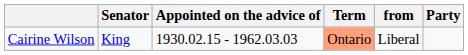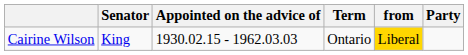 <table class="sortable wikitable">
 <tr>
 <th></th>
 <th>Senator</th>
 <th>Appointed on the advice of</th>
 <th>Term</th>
 <th>from</th>
 <th>Party</th>
 </tr>
 <tr>
 <td><a href='#'>Cairine Wilson</a></td>
 <td><a href='#'>King</a></td>
 <td>1930.02.15 - 1962.03.03</td>
-<td style="background: lightsalmon;">Ontario</td>
-<td>Liberal</td>
+<td>Ontario</td>
+<td style="background: gold;">Liberal</td>
 </tr>
 </table>
